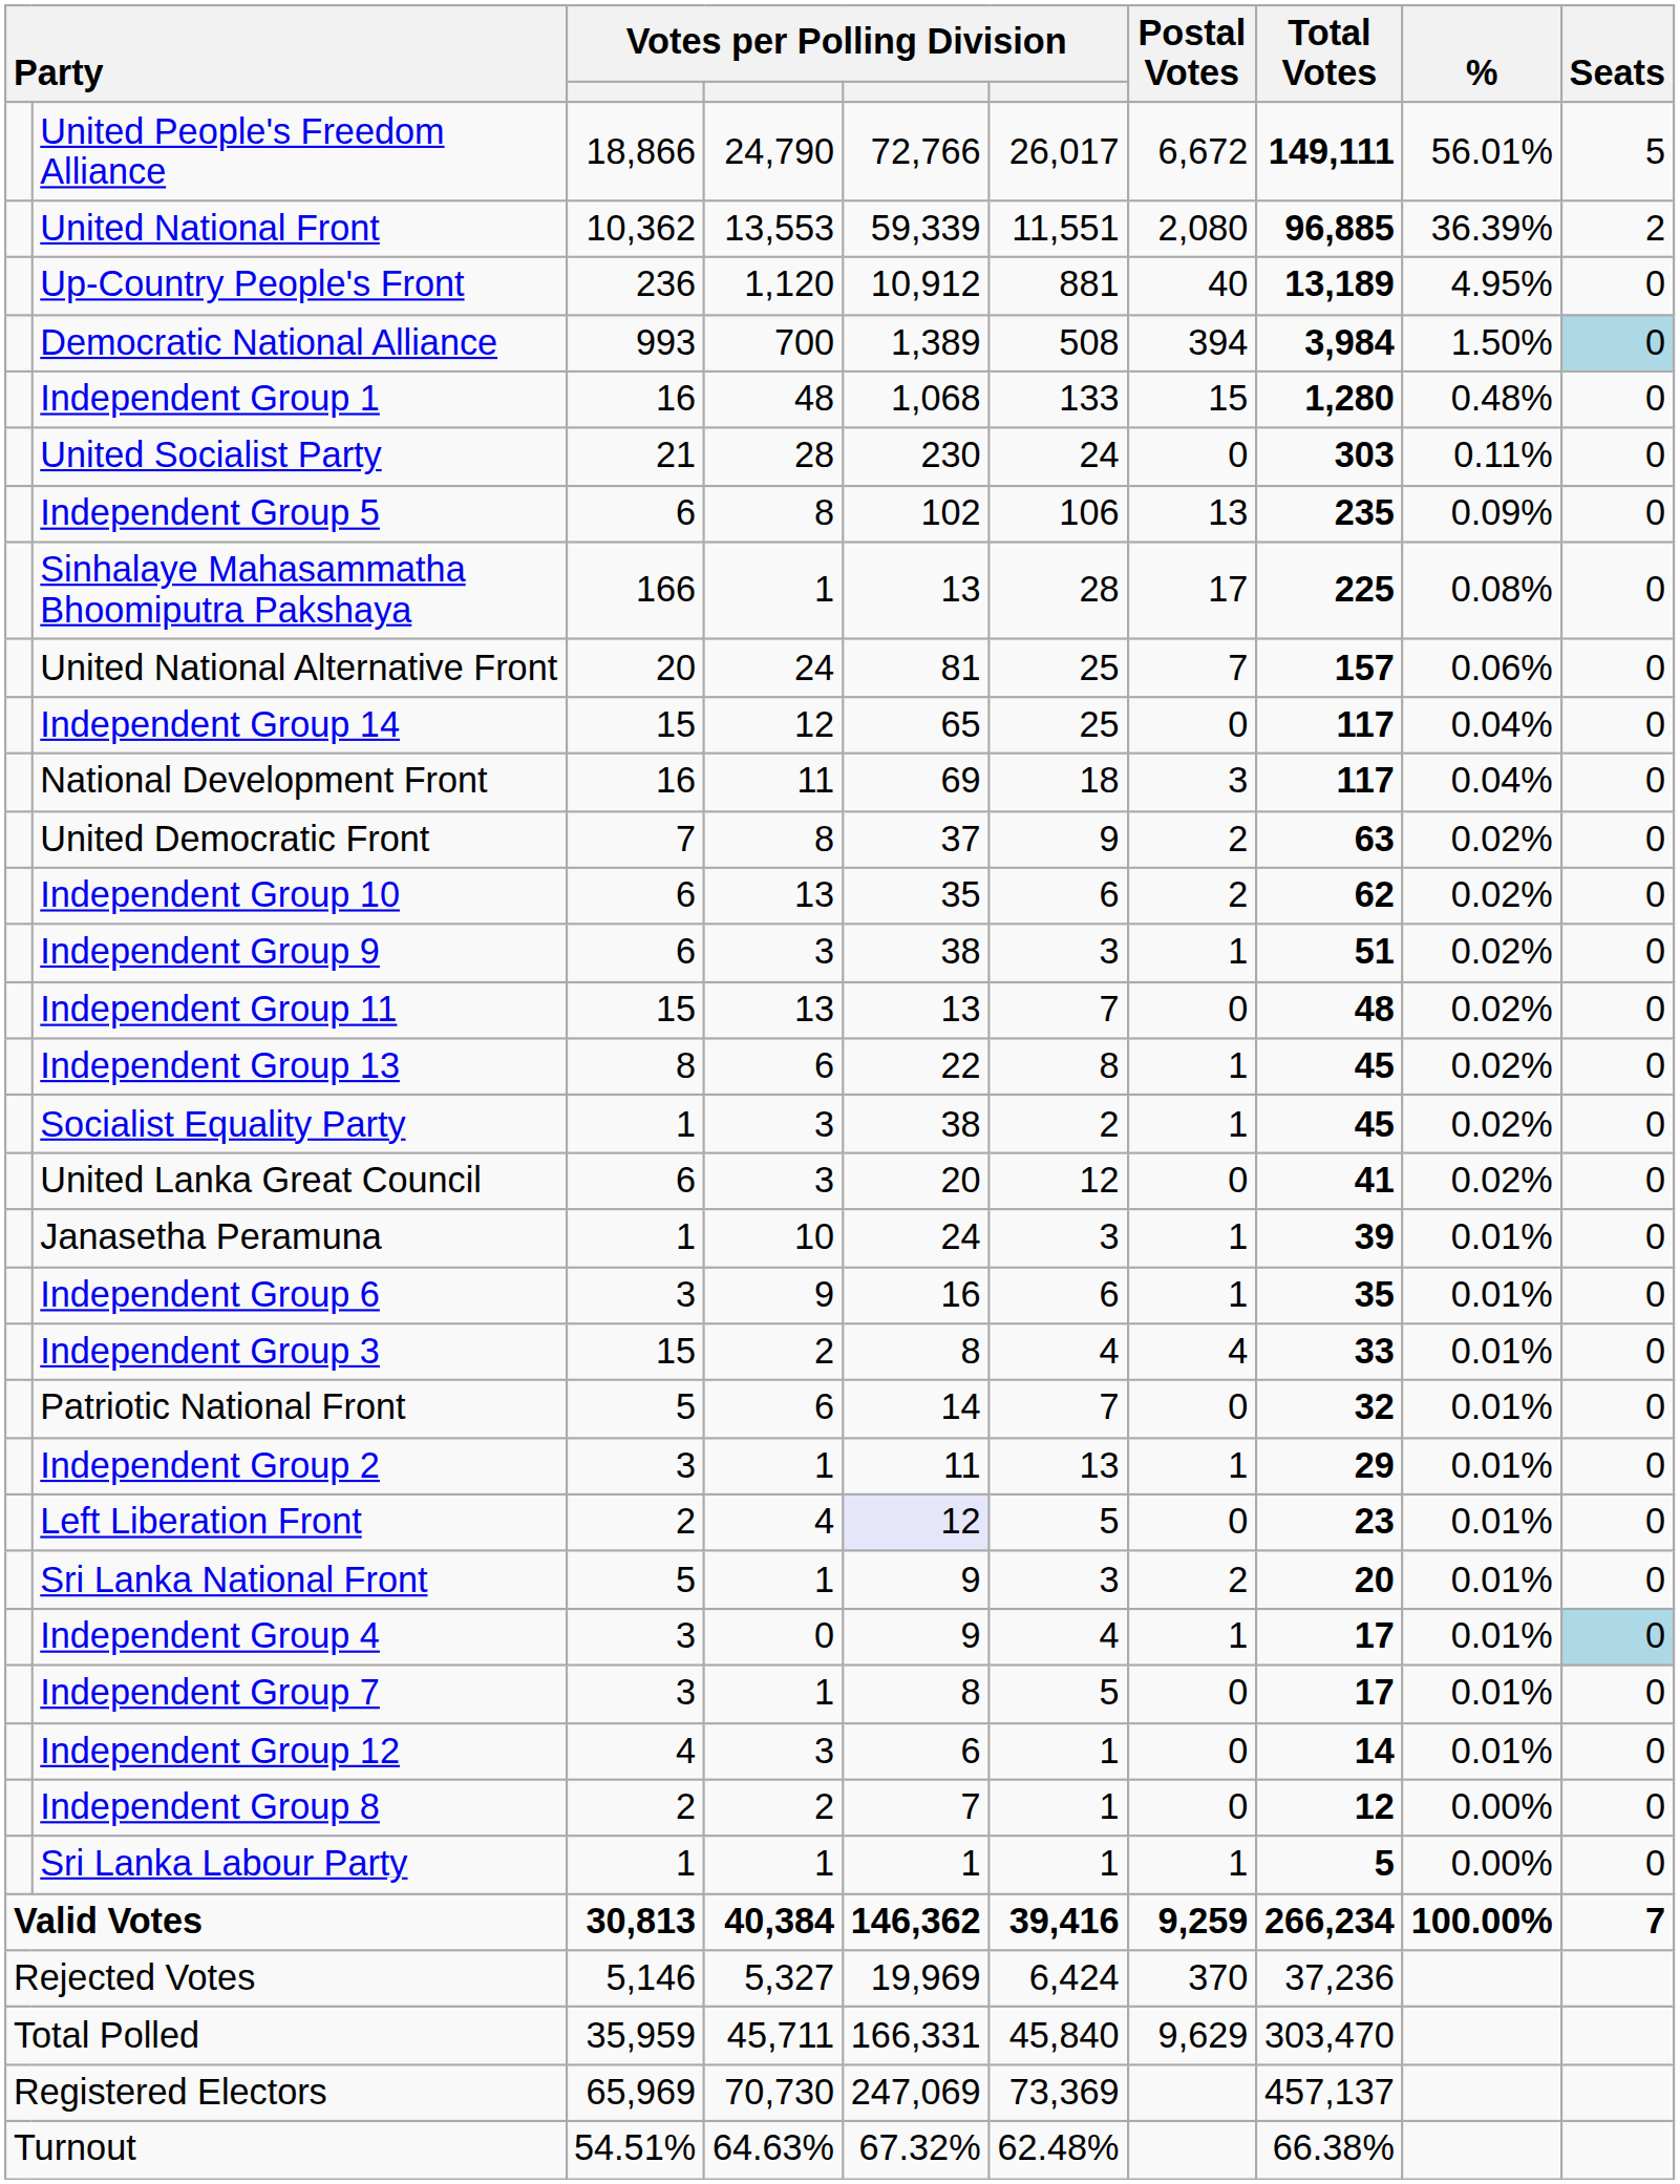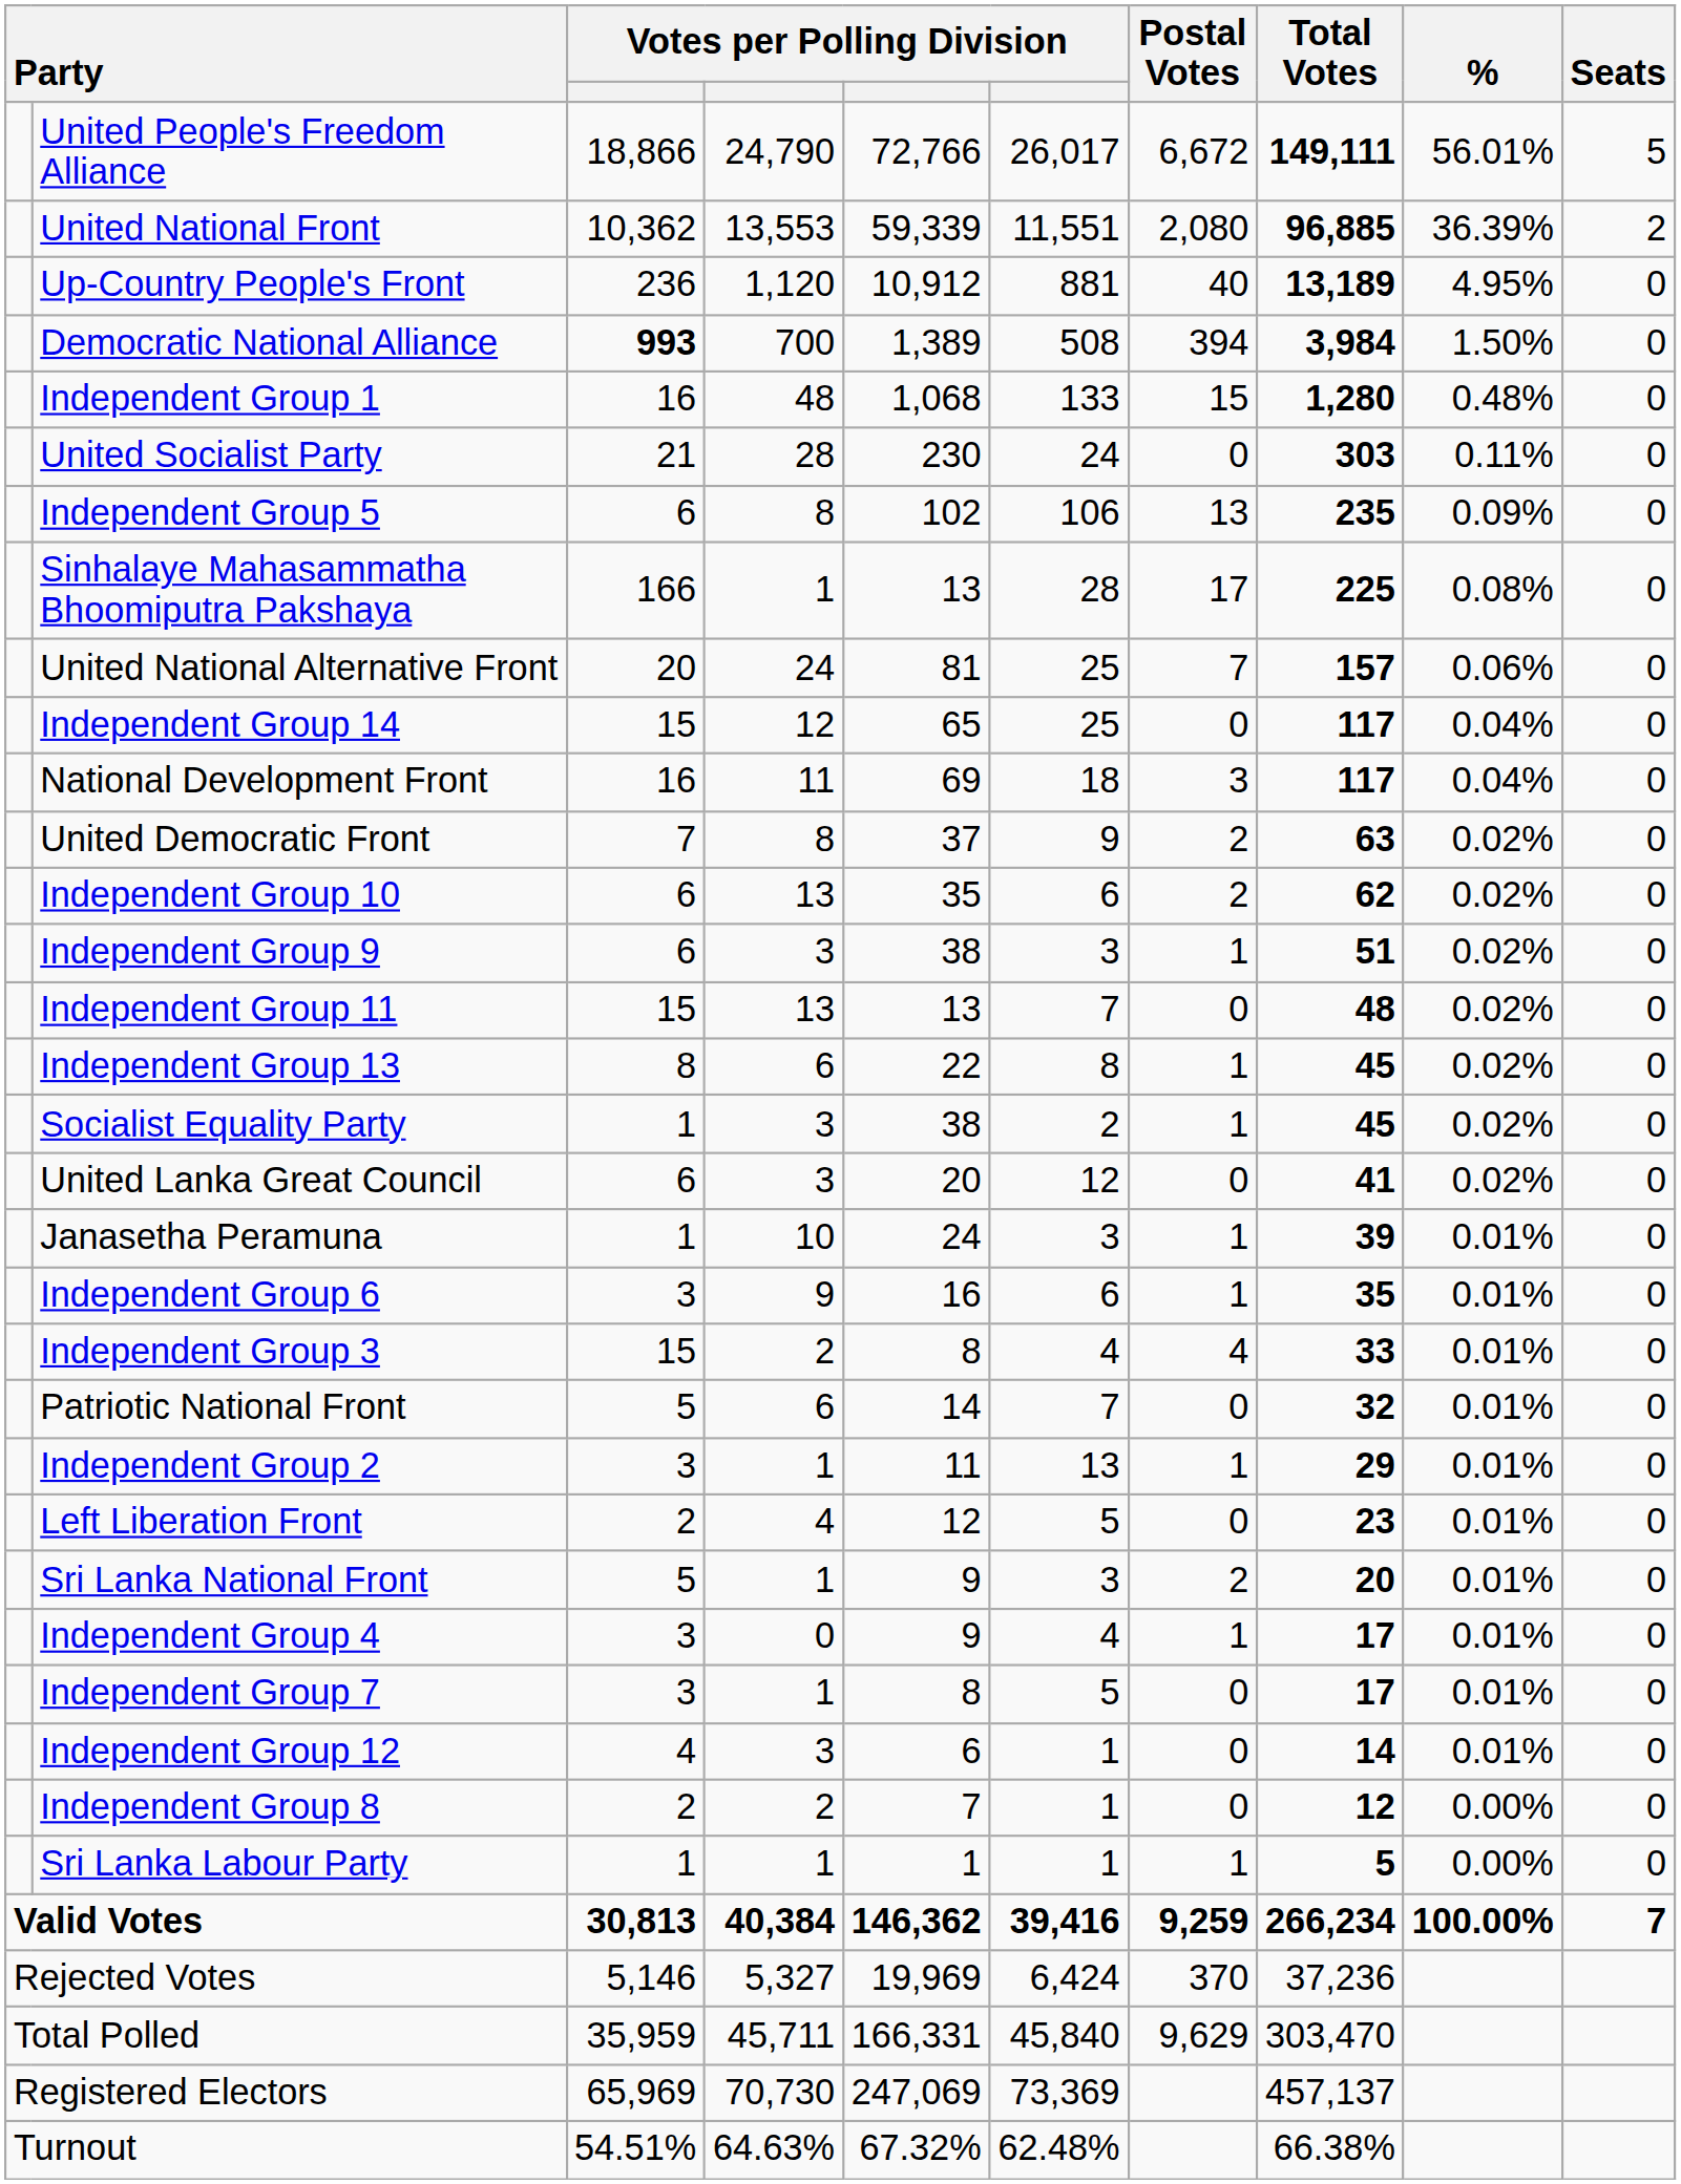 <table class="wikitable" border="1" style="text-align:right;">
 <tr>
 <th style="text-align:left; vertical-align:bottom;" rowspan="2" colspan="2">Party</th>
 <th colspan=4>Votes per Polling Division</th>
 <th rowspan="2" style="vertical-align:bottom; text-align:center; width:50px;">Postal<br>Votes</th>
 <th rowspan="2" style="vertical-align:bottom; text-align:center; width:50px;">Total Votes</th>
 <th rowspan="2" style="vertical-align:bottom; text-align:center; width:50px;">%</th>
 <th rowspan="2" style="vertical-align:bottom; text-align:center; width:40px;">Seats</th>
 </tr>
 <tr>
 <th></th>
 <th></th>
 <th></th>
 <th></th>
 </tr>
 <tr>
 <td bgcolor=> </td>
 <td align=left><a href='#'>United People's Freedom<br>Alliance</a></td>
 <td>18,866</td>
 <td>24,790</td>
 <td>72,766</td>
 <td>26,017</td>
 <td>6,672</td>
 <td><strong>149,111</strong></td>
 <td>56.01%</td>
 <td>5</td>
 </tr>
 <tr>
 <td bgcolor=> </td>
 <td align=left><a href='#'>United National Front</a></td>
 <td>10,362</td>
 <td>13,553</td>
 <td>59,339</td>
 <td>11,551</td>
 <td>2,080</td>
 <td><strong>96,885</strong></td>
 <td>36.39%</td>
 <td>2</td>
 </tr>
 <tr>
 <td bgcolor=> </td>
 <td align=left><a href='#'>Up-Country People's Front</a></td>
 <td>236</td>
 <td>1,120</td>
 <td>10,912</td>
 <td>881</td>
 <td>40</td>
 <td><strong>13,189</strong></td>
 <td>4.95%</td>
 <td>0</td>
 </tr>
 <tr>
 <td bgcolor=> </td>
 <td align=left><a href='#'>Democratic National Alliance</a></td>
-<td>993</td>
+<td><strong>993</strong></td>
 <td>700</td>
 <td>1,389</td>
 <td>508</td>
 <td>394</td>
 <td><strong>3,984</strong></td>
 <td>1.50%</td>
-<td style="background: lightblue;">0</td>
+<td>0</td>
 </tr>
 <tr>
 <td bgcolor=> </td>
 <td align=left><a href='#'>Independent Group 1</a></td>
 <td>16</td>
 <td>48</td>
 <td>1,068</td>
 <td>133</td>
 <td>15</td>
 <td><strong>1,280</strong></td>
 <td>0.48%</td>
 <td>0</td>
 </tr>
 <tr>
 <td bgcolor=> </td>
 <td align=left><a href='#'>United Socialist Party</a></td>
 <td>21</td>
 <td>28</td>
 <td>230</td>
 <td>24</td>
 <td>0</td>
 <td><strong>303</strong></td>
 <td>0.11%</td>
 <td>0</td>
 </tr>
 <tr>
 <td bgcolor=> </td>
 <td align=left><a href='#'>Independent Group 5</a></td>
 <td>6</td>
 <td>8</td>
 <td>102</td>
 <td>106</td>
 <td>13</td>
 <td><strong>235</strong></td>
 <td>0.09%</td>
 <td>0</td>
 </tr>
 <tr>
 <td bgcolor=> </td>
 <td align=left><a href='#'>Sinhalaye Mahasammatha<br>Bhoomiputra Pakshaya</a></td>
 <td>166</td>
 <td>1</td>
 <td>13</td>
 <td>28</td>
 <td>17</td>
 <td><strong>225</strong></td>
 <td>0.08%</td>
 <td>0</td>
 </tr>
 <tr>
 <td bgcolor=> </td>
 <td align=left>United National Alternative Front</td>
 <td>20</td>
 <td>24</td>
 <td>81</td>
 <td>25</td>
 <td>7</td>
 <td><strong>157</strong></td>
 <td>0.06%</td>
 <td>0</td>
 </tr>
 <tr>
 <td bgcolor=> </td>
 <td align=left><a href='#'>Independent Group 14</a></td>
 <td>15</td>
 <td>12</td>
 <td>65</td>
 <td>25</td>
 <td>0</td>
 <td><strong>117</strong></td>
 <td>0.04%</td>
 <td>0</td>
 </tr>
 <tr>
 <td bgcolor=> </td>
 <td align=left>National Development Front</td>
 <td>16</td>
 <td>11</td>
 <td>69</td>
 <td>18</td>
 <td>3</td>
 <td><strong>117</strong></td>
 <td>0.04%</td>
 <td>0</td>
 </tr>
 <tr>
 <td bgcolor=> </td>
 <td align=left>United Democratic Front</td>
 <td>7</td>
 <td>8</td>
 <td>37</td>
 <td>9</td>
 <td>2</td>
 <td><strong>63</strong></td>
 <td>0.02%</td>
 <td>0</td>
 </tr>
 <tr>
 <td bgcolor=> </td>
 <td align=left><a href='#'>Independent Group 10</a></td>
 <td>6</td>
 <td>13</td>
 <td>35</td>
 <td>6</td>
 <td>2</td>
 <td><strong>62</strong></td>
 <td>0.02%</td>
 <td>0</td>
 </tr>
 <tr>
 <td bgcolor=> </td>
 <td align=left><a href='#'>Independent Group 9</a></td>
 <td>6</td>
 <td>3</td>
 <td>38</td>
 <td>3</td>
 <td>1</td>
 <td><strong>51</strong></td>
 <td>0.02%</td>
 <td>0</td>
 </tr>
 <tr>
 <td bgcolor=> </td>
 <td align=left><a href='#'>Independent Group 11</a></td>
 <td>15</td>
 <td>13</td>
 <td>13</td>
 <td>7</td>
 <td>0</td>
 <td><strong>48</strong></td>
 <td>0.02%</td>
 <td>0</td>
 </tr>
 <tr>
 <td bgcolor=> </td>
 <td align=left><a href='#'>Independent Group 13</a></td>
 <td>8</td>
 <td>6</td>
 <td>22</td>
 <td>8</td>
 <td>1</td>
 <td><strong>45</strong></td>
 <td>0.02%</td>
 <td>0</td>
 </tr>
 <tr>
 <td bgcolor=> </td>
 <td align=left><a href='#'>Socialist Equality Party</a></td>
 <td>1</td>
 <td>3</td>
 <td>38</td>
 <td>2</td>
 <td>1</td>
 <td><strong>45</strong></td>
 <td>0.02%</td>
 <td>0</td>
 </tr>
 <tr>
 <td bgcolor=> </td>
 <td align=left>United Lanka Great Council</td>
 <td>6</td>
 <td>3</td>
 <td>20</td>
 <td>12</td>
 <td>0</td>
 <td><strong>41</strong></td>
 <td>0.02%</td>
 <td>0</td>
 </tr>
 <tr>
 <td bgcolor=> </td>
 <td align=left>Janasetha Peramuna</td>
 <td>1</td>
 <td>10</td>
 <td>24</td>
 <td>3</td>
 <td>1</td>
 <td><strong>39</strong></td>
 <td>0.01%</td>
 <td>0</td>
 </tr>
 <tr>
 <td bgcolor=> </td>
 <td align=left><a href='#'>Independent Group 6</a></td>
 <td>3</td>
 <td>9</td>
 <td>16</td>
 <td>6</td>
 <td>1</td>
 <td><strong>35</strong></td>
 <td>0.01%</td>
 <td>0</td>
 </tr>
 <tr>
 <td bgcolor=> </td>
 <td align=left><a href='#'>Independent Group 3</a></td>
 <td>15</td>
 <td>2</td>
 <td>8</td>
 <td>4</td>
 <td>4</td>
 <td><strong>33</strong></td>
 <td>0.01%</td>
 <td>0</td>
 </tr>
 <tr>
 <td bgcolor=> </td>
 <td align=left>Patriotic National Front</td>
 <td>5</td>
 <td>6</td>
 <td>14</td>
 <td>7</td>
 <td>0</td>
 <td><strong>32</strong></td>
 <td>0.01%</td>
 <td>0</td>
 </tr>
 <tr>
 <td bgcolor=> </td>
 <td align=left><a href='#'>Independent Group 2</a></td>
 <td>3</td>
 <td>1</td>
 <td>11</td>
 <td>13</td>
 <td>1</td>
 <td><strong>29</strong></td>
 <td>0.01%</td>
 <td>0</td>
 </tr>
 <tr>
 <td bgcolor=> </td>
 <td align=left><a href='#'>Left Liberation Front</a></td>
 <td>2</td>
 <td>4</td>
-<td style="background: lavender;">12</td>
+<td>12</td>
 <td>5</td>
 <td>0</td>
 <td><strong>23</strong></td>
 <td>0.01%</td>
 <td>0</td>
 </tr>
 <tr>
 <td bgcolor=> </td>
 <td align=left><a href='#'>Sri Lanka National Front</a></td>
 <td>5</td>
 <td>1</td>
 <td>9</td>
 <td>3</td>
 <td>2</td>
 <td><strong>20</strong></td>
 <td>0.01%</td>
 <td>0</td>
 </tr>
 <tr>
 <td bgcolor=> </td>
 <td align=left><a href='#'>Independent Group 4</a></td>
 <td>3</td>
 <td>0</td>
 <td>9</td>
 <td>4</td>
 <td>1</td>
 <td><strong>17</strong></td>
 <td>0.01%</td>
-<td style="background: lightblue;">0</td>
+<td>0</td>
 </tr>
 <tr>
 <td bgcolor=> </td>
 <td align=left><a href='#'>Independent Group 7</a></td>
 <td>3</td>
 <td>1</td>
 <td>8</td>
 <td>5</td>
 <td>0</td>
 <td><strong>17</strong></td>
 <td>0.01%</td>
 <td>0</td>
 </tr>
 <tr>
 <td bgcolor=> </td>
 <td align=left><a href='#'>Independent Group 12</a></td>
 <td>4</td>
 <td>3</td>
 <td>6</td>
 <td>1</td>
 <td>0</td>
 <td><strong>14</strong></td>
 <td>0.01%</td>
 <td>0</td>
 </tr>
 <tr>
 <td bgcolor=> </td>
 <td align=left><a href='#'>Independent Group 8</a></td>
 <td>2</td>
 <td>2</td>
 <td>7</td>
 <td>1</td>
 <td>0</td>
 <td><strong>12</strong></td>
 <td>0.00%</td>
 <td>0</td>
 </tr>
 <tr>
 <td bgcolor=> </td>
 <td align=left><a href='#'>Sri Lanka Labour Party</a></td>
 <td>1</td>
 <td>1</td>
 <td>1</td>
 <td>1</td>
 <td>1</td>
 <td><strong>5</strong></td>
 <td>0.00%</td>
 <td>0</td>
 </tr>
 <tr>
 <td align=left colspan="2"><strong>Valid Votes</strong></td>
 <td><strong>30,813</strong></td>
 <td><strong>40,384</strong></td>
 <td><strong>146,362</strong></td>
 <td><strong>39,416</strong></td>
 <td><strong>9,259</strong></td>
 <td><strong>266,234</strong></td>
 <td><strong>100.00%</strong></td>
 <td><strong>7</strong></td>
 </tr>
 <tr>
 <td align=left colspan="2">Rejected Votes</td>
 <td>5,146</td>
 <td>5,327</td>
 <td>19,969</td>
 <td>6,424</td>
 <td>370</td>
 <td>37,236</td>
 <td></td>
 <td></td>
 </tr>
 <tr>
 <td align=left colspan="2">Total Polled</td>
 <td>35,959</td>
 <td>45,711</td>
 <td>166,331</td>
 <td>45,840</td>
 <td>9,629</td>
 <td>303,470</td>
 <td></td>
 <td></td>
 </tr>
 <tr>
 <td align=left colspan="2">Registered Electors</td>
 <td>65,969</td>
 <td>70,730</td>
 <td>247,069</td>
 <td>73,369</td>
 <td></td>
 <td>457,137</td>
 <td></td>
 <td></td>
 </tr>
 <tr>
 <td align=left colspan="2">Turnout</td>
 <td>54.51%</td>
 <td>64.63%</td>
 <td>67.32%</td>
 <td>62.48%</td>
 <td></td>
 <td>66.38%</td>
 <td></td>
 <td></td>
 </tr>
 </table>
